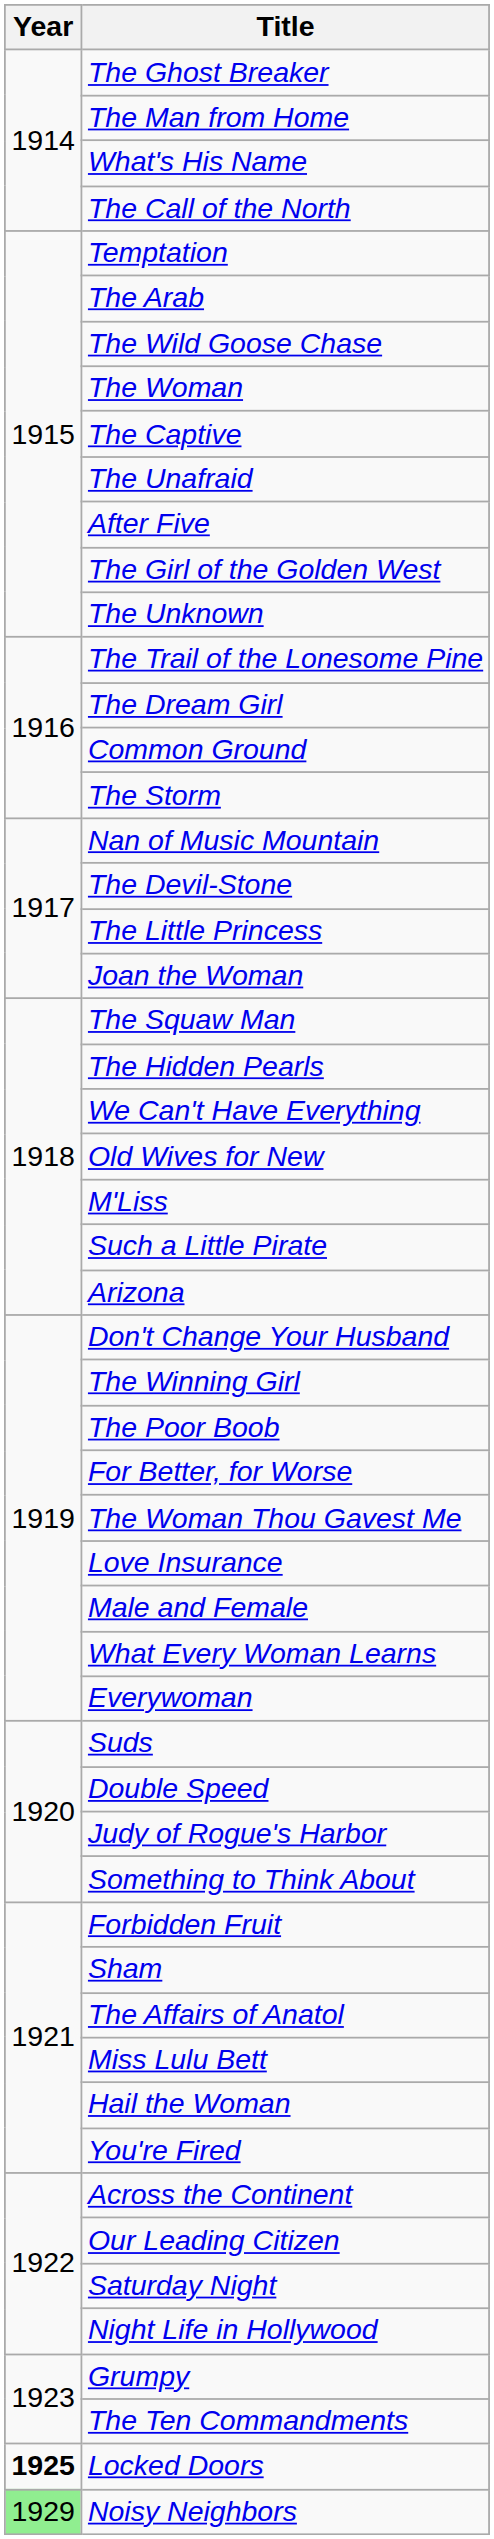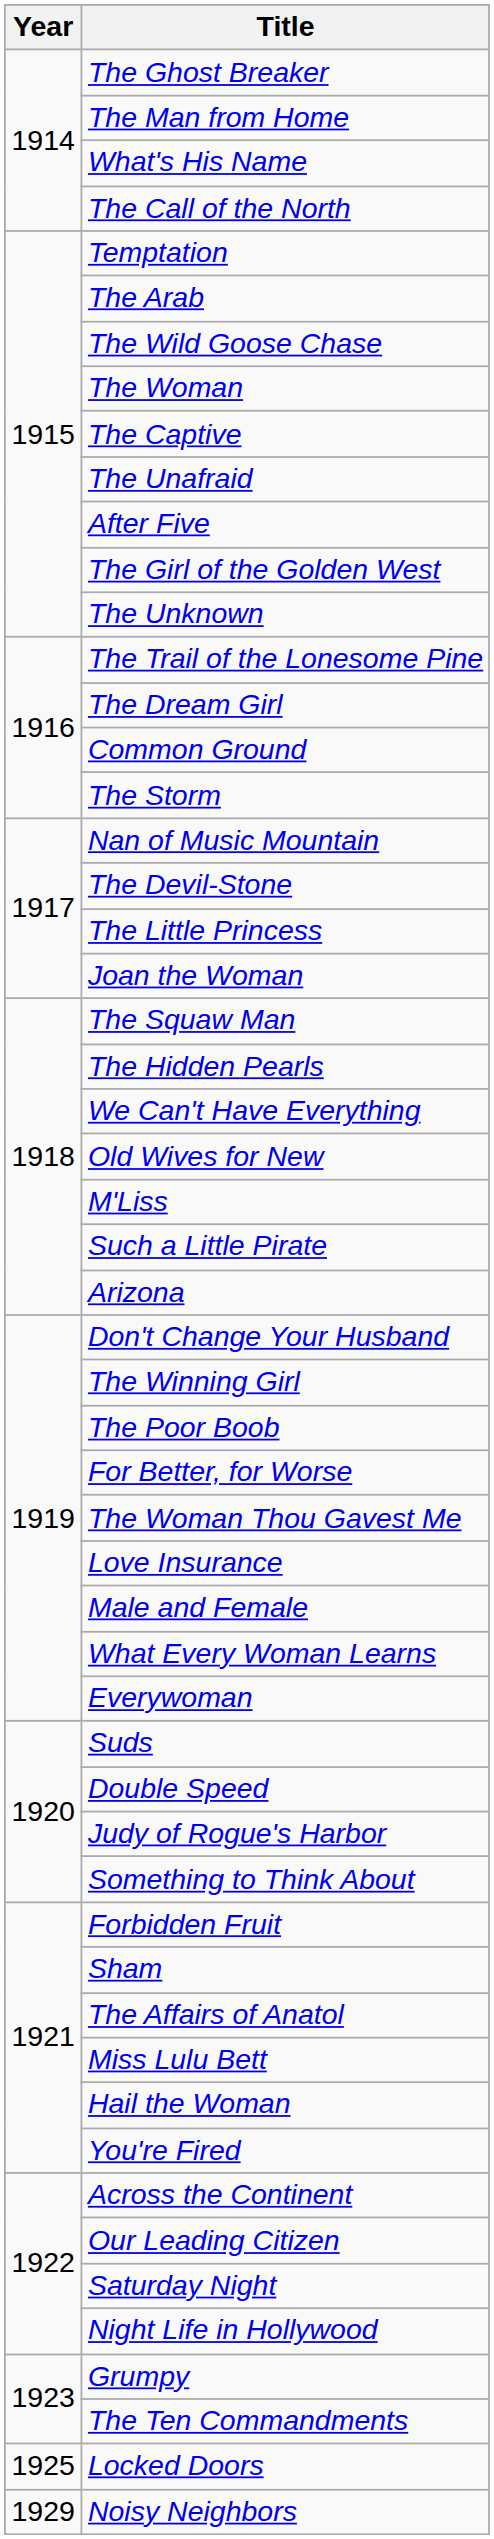 <table class=wikitable>
 <tr>
 <th>Year</th>
 <th>Title</th>
 </tr>
 <tr>
 <td rowspan=4>1914</td>
 <td><em><a href='#'>The Ghost Breaker</a></em></td>
 </tr>
 <tr>
 <td><em><a href='#'>The Man from Home</a></em></td>
 </tr>
 <tr>
 <td><em><a href='#'>What's His Name</a></em></td>
 </tr>
 <tr>
 <td><em><a href='#'>The Call of the North</a></em></td>
 </tr>
 <tr>
 <td rowspan=9>1915</td>
 <td><em><a href='#'>Temptation</a></em></td>
 </tr>
 <tr>
 <td><em><a href='#'>The Arab</a></em></td>
 </tr>
 <tr>
 <td><em><a href='#'>The Wild Goose Chase</a></em></td>
 </tr>
 <tr>
 <td><em><a href='#'>The Woman</a></em></td>
 </tr>
 <tr>
 <td><em><a href='#'>The Captive</a></em></td>
 </tr>
 <tr>
 <td><em><a href='#'>The Unafraid</a></em></td>
 </tr>
 <tr>
 <td><em><a href='#'>After Five</a></em></td>
 </tr>
 <tr>
 <td><em><a href='#'>The Girl of the Golden West</a></em></td>
 </tr>
 <tr>
 <td><em><a href='#'>The Unknown</a></em></td>
 </tr>
 <tr>
 <td rowspan=4>1916</td>
 <td><em><a href='#'>The Trail of the Lonesome Pine</a></em></td>
 </tr>
 <tr>
 <td><em><a href='#'>The Dream Girl</a></em></td>
 </tr>
 <tr>
 <td><em><a href='#'>Common Ground</a></em></td>
 </tr>
 <tr>
 <td><em><a href='#'>The Storm</a></em></td>
 </tr>
 <tr>
 <td rowspan=4>1917</td>
 <td><em><a href='#'>Nan of Music Mountain</a></em></td>
 </tr>
 <tr>
 <td><em><a href='#'>The Devil-Stone</a></em></td>
 </tr>
 <tr>
 <td><em><a href='#'>The Little Princess</a></em></td>
 </tr>
 <tr>
 <td><em><a href='#'>Joan the Woman</a></em></td>
 </tr>
 <tr>
 <td rowspan=7>1918</td>
 <td><em><a href='#'>The Squaw Man</a></em></td>
 </tr>
 <tr>
 <td><em><a href='#'>The Hidden Pearls</a></em></td>
 </tr>
 <tr>
 <td><em><a href='#'>We Can't Have Everything</a></em></td>
 </tr>
 <tr>
 <td><em><a href='#'>Old Wives for New</a></em></td>
 </tr>
 <tr>
 <td><em><a href='#'>M'Liss</a></em></td>
 </tr>
 <tr>
 <td><em><a href='#'>Such a Little Pirate</a></em></td>
 </tr>
 <tr>
 <td><em><a href='#'>Arizona</a></em></td>
 </tr>
 <tr>
 <td rowspan=9>1919</td>
 <td><em><a href='#'>Don't Change Your Husband</a></em></td>
 </tr>
 <tr>
 <td><em><a href='#'>The Winning Girl</a></em></td>
 </tr>
 <tr>
 <td><em><a href='#'>The Poor Boob</a></em></td>
 </tr>
 <tr>
 <td><em><a href='#'>For Better, for Worse</a></em></td>
 </tr>
 <tr>
 <td><em><a href='#'>The Woman Thou Gavest Me</a></em></td>
 </tr>
 <tr>
 <td><em><a href='#'>Love Insurance</a></em></td>
 </tr>
 <tr>
 <td><em><a href='#'>Male and Female</a></em></td>
 </tr>
 <tr>
 <td><em><a href='#'>What Every Woman Learns</a></em></td>
 </tr>
 <tr>
 <td><em><a href='#'>Everywoman</a></em></td>
 </tr>
 <tr>
 <td rowspan=4>1920</td>
 <td><em><a href='#'>Suds</a></em></td>
 </tr>
 <tr>
 <td><em><a href='#'>Double Speed</a></em></td>
 </tr>
 <tr>
 <td><em><a href='#'>Judy of Rogue's Harbor</a></em></td>
 </tr>
 <tr>
 <td><em><a href='#'>Something to Think About</a></em></td>
 </tr>
 <tr>
 <td rowspan=6>1921</td>
 <td><em><a href='#'>Forbidden Fruit</a></em></td>
 </tr>
 <tr>
 <td><em><a href='#'>Sham</a></em></td>
 </tr>
 <tr>
 <td><em><a href='#'>The Affairs of Anatol</a></em></td>
 </tr>
 <tr>
 <td><em><a href='#'>Miss Lulu Bett</a></em></td>
 </tr>
 <tr>
 <td><em><a href='#'>Hail the Woman</a></em></td>
 </tr>
 <tr>
 <td><em><a href='#'>You're Fired</a></em></td>
 </tr>
 <tr>
 <td rowspan=4>1922</td>
 <td><em><a href='#'>Across the Continent</a></em></td>
 </tr>
 <tr>
 <td><em><a href='#'>Our Leading Citizen</a></em></td>
 </tr>
 <tr>
 <td><em><a href='#'>Saturday Night</a></em></td>
 </tr>
 <tr>
 <td><em><a href='#'>Night Life in Hollywood</a></em></td>
 </tr>
 <tr>
 <td rowspan=2>1923</td>
 <td><em><a href='#'>Grumpy</a></em></td>
 </tr>
 <tr>
 <td><em><a href='#'>The Ten Commandments</a></em></td>
 </tr>
 <tr>
-<td><strong>1925</strong></td>
+<td>1925</td>
 <td><em><a href='#'>Locked Doors</a></em></td>
 </tr>
 <tr>
-<td style="background: lightgreen;">1929</td>
+<td>1929</td>
 <td><em><a href='#'>Noisy Neighbors</a></em></td>
 </tr>
 </table>
